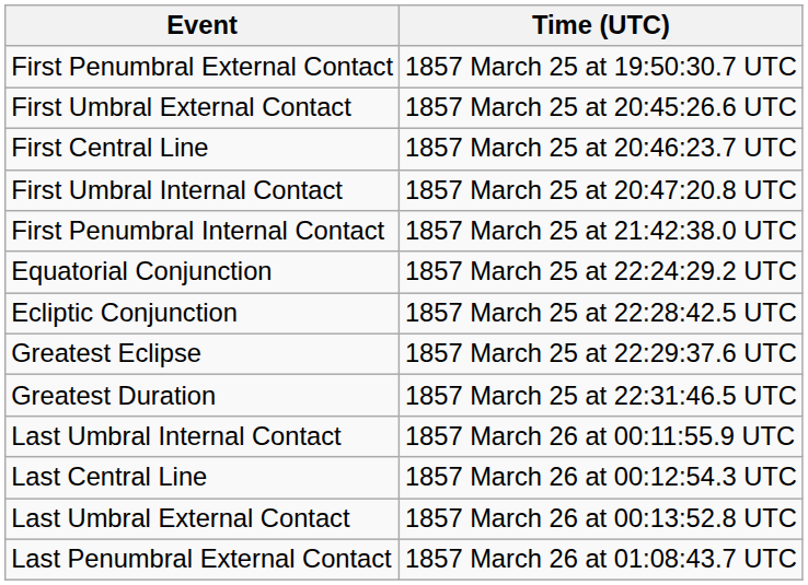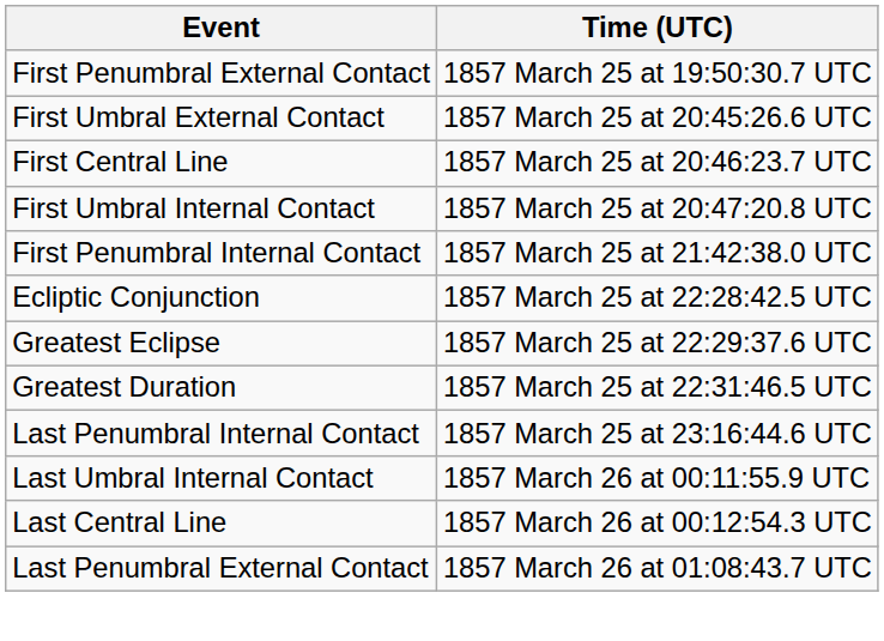 <table class="wikitable">
 <tr>
 <th>Event</th>
 <th>Time (UTC)</th>
 </tr>
 <tr>
 <td>First Penumbral External Contact</td>
 <td>1857 March 25 at 19:50:30.7 UTC</td>
 </tr>
 <tr>
 <td>First Umbral External Contact</td>
 <td>1857 March 25 at 20:45:26.6 UTC</td>
 </tr>
 <tr>
 <td>First Central Line</td>
 <td>1857 March 25 at 20:46:23.7 UTC</td>
 </tr>
 <tr>
 <td>First Umbral Internal Contact</td>
 <td>1857 March 25 at 20:47:20.8 UTC</td>
 </tr>
 <tr>
 <td>First Penumbral Internal Contact</td>
 <td>1857 March 25 at 21:42:38.0 UTC</td>
 </tr>
 <tr>
-<td>Equatorial Conjunction</td>
-<td>1857 March 25 at 22:24:29.2 UTC</td>
-</tr>
-<tr>
 <td>Ecliptic Conjunction</td>
 <td>1857 March 25 at 22:28:42.5 UTC</td>
 </tr>
 <tr>
 <td>Greatest Eclipse</td>
 <td>1857 March 25 at 22:29:37.6 UTC</td>
 </tr>
 <tr>
 <td>Greatest Duration</td>
 <td>1857 March 25 at 22:31:46.5 UTC</td>
 </tr>
 <tr>
+<td>Last Penumbral Internal Contact</td>
+<td>1857 March 25 at 23:16:44.6 UTC</td>
+</tr>
+<tr>
 <td>Last Umbral Internal Contact</td>
 <td>1857 March 26 at 00:11:55.9 UTC</td>
 </tr>
 <tr>
 <td>Last Central Line</td>
 <td>1857 March 26 at 00:12:54.3 UTC</td>
 </tr>
 <tr>
-<td>Last Umbral External Contact</td>
-<td>1857 March 26 at 00:13:52.8 UTC</td>
-</tr>
-<tr>
 <td>Last Penumbral External Contact</td>
 <td>1857 March 26 at 01:08:43.7 UTC</td>
 </tr>
 </table>
